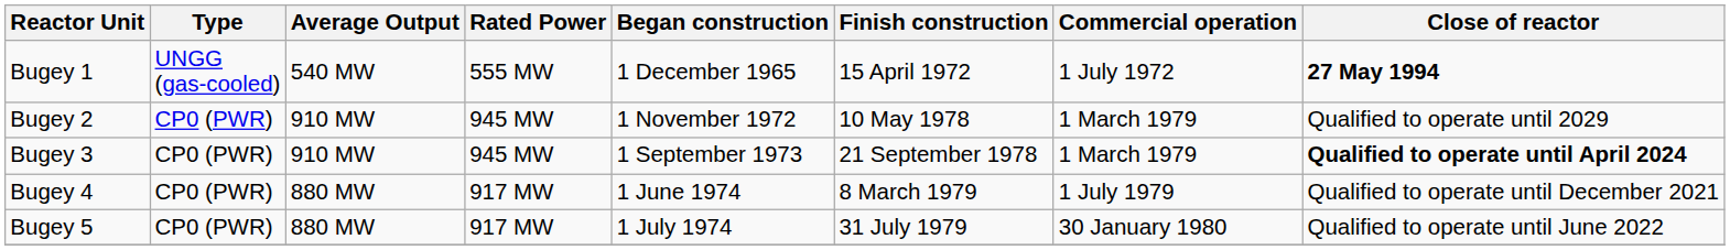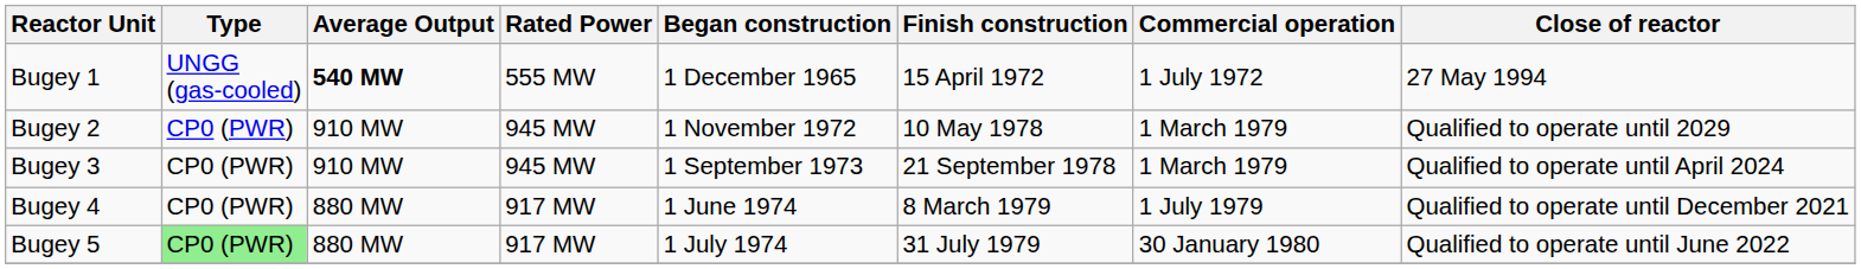 <table class="sortable wikitable">
 <tr>
 <th>Reactor Unit</th>
 <th>Type</th>
 <th>Average Output</th>
 <th>Rated Power</th>
 <th>Began construction</th>
 <th>Finish construction</th>
 <th>Commercial operation</th>
 <th>Close of reactor</th>
 </tr>
 <tr>
 <td>Bugey 1</td>
 <td><a href='#'>UNGG</a><br>(<a href='#'>gas-cooled</a>)</td>
-<td>540 MW</td>
+<td><strong>540 MW</strong></td>
 <td>555 MW</td>
 <td>1 December 1965</td>
 <td>15 April 1972</td>
 <td>1 July 1972</td>
-<td><strong>27 May 1994</strong></td>
+<td>27 May 1994</td>
 </tr>
 <tr>
 <td>Bugey 2</td>
 <td><a href='#'>CP0</a> (<a href='#'>PWR</a>)</td>
 <td>910 MW</td>
 <td>945 MW</td>
 <td>1 November 1972</td>
 <td>10 May 1978</td>
 <td>1 March 1979</td>
 <td>Qualified to operate until 2029</td>
 </tr>
 <tr>
 <td>Bugey 3</td>
 <td>CP0 (PWR)</td>
 <td>910 MW</td>
 <td>945 MW</td>
 <td>1 September 1973</td>
 <td>21 September 1978</td>
 <td>1 March 1979</td>
-<td><strong>Qualified to operate until April 2024</strong></td>
+<td>Qualified to operate until April 2024</td>
 </tr>
 <tr>
 <td>Bugey 4</td>
 <td>CP0 (PWR)</td>
 <td>880 MW</td>
 <td>917 MW</td>
 <td>1 June 1974</td>
 <td>8 March 1979</td>
 <td>1 July 1979</td>
 <td>Qualified to operate until December 2021</td>
 </tr>
 <tr>
 <td>Bugey 5</td>
-<td>CP0 (PWR)</td>
+<td style="background: lightgreen;">CP0 (PWR)</td>
 <td>880 MW</td>
 <td>917 MW</td>
 <td>1 July 1974</td>
 <td>31 July 1979</td>
 <td>30 January 1980</td>
 <td>Qualified to operate until June 2022</td>
 </tr>
 <tr>
 </tr>
 </table>
